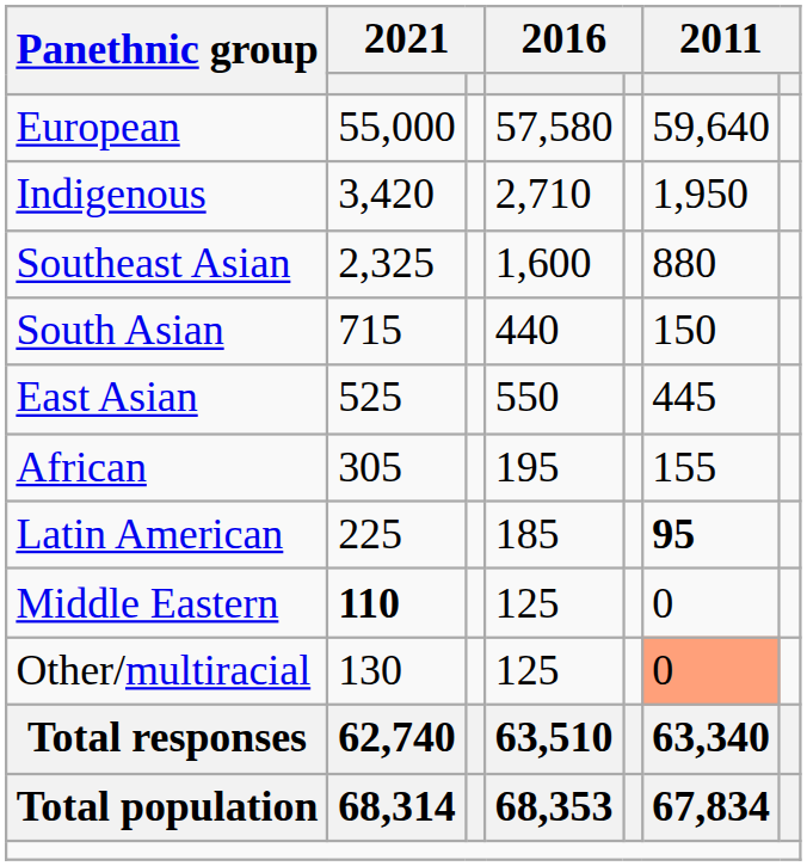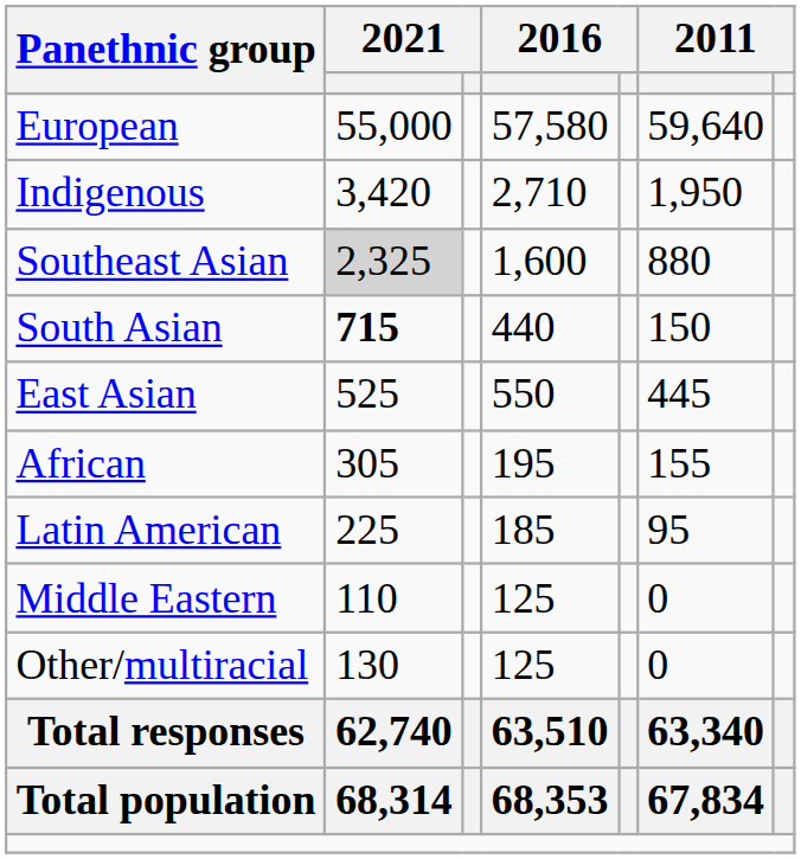 <table class="wikitable collapsible sortable">
 <tr>
 <th rowspan="2"><a href='#'>Panethnic</a> group</th>
 <th colspan="2">2021</th>
 <th colspan="2">2016</th>
 <th colspan="2">2011</th>
 </tr>
 <tr>
 <th><a href='#'></a></th>
 <th></th>
 <th></th>
 <th></th>
 <th></th>
 <th></th>
 </tr>
 <tr>
 <td><a href='#'>European</a></td>
 <td>55,000</td>
 <td></td>
 <td>57,580</td>
 <td></td>
 <td>59,640</td>
 <td></td>
 </tr>
 <tr>
 <td><a href='#'>Indigenous</a></td>
 <td>3,420</td>
 <td></td>
 <td>2,710</td>
 <td></td>
 <td>1,950</td>
 <td></td>
 </tr>
 <tr>
 <td><a href='#'>Southeast Asian</a></td>
-<td>2,325</td>
+<td style="background: lightgrey;">2,325</td>
 <td></td>
 <td>1,600</td>
 <td></td>
 <td>880</td>
 <td></td>
 </tr>
 <tr>
 <td><a href='#'>South Asian</a></td>
-<td>715</td>
+<td><strong>715</strong></td>
 <td></td>
 <td>440</td>
 <td></td>
 <td>150</td>
 <td></td>
 </tr>
 <tr>
 <td><a href='#'>East Asian</a></td>
 <td>525</td>
 <td></td>
 <td>550</td>
 <td></td>
 <td>445</td>
 <td></td>
 </tr>
 <tr>
 <td><a href='#'>African</a></td>
 <td>305</td>
 <td></td>
 <td>195</td>
 <td></td>
 <td>155</td>
 <td></td>
 </tr>
 <tr>
 <td><a href='#'>Latin American</a></td>
 <td>225</td>
 <td></td>
 <td>185</td>
 <td></td>
-<td><strong>95</strong></td>
+<td>95</td>
 <td></td>
 </tr>
 <tr>
 <td><a href='#'>Middle Eastern</a></td>
-<td><strong>110</strong></td>
+<td>110</td>
 <td></td>
 <td>125</td>
 <td></td>
 <td>0</td>
 <td></td>
 </tr>
 <tr>
 <td>Other/<a href='#'>multiracial</a></td>
 <td>130</td>
 <td></td>
 <td>125</td>
 <td></td>
-<td style="background: lightsalmon;">0</td>
+<td>0</td>
 <td></td>
 </tr>
 <tr>
 <th>Total responses</th>
 <th>62,740</th>
 <th></th>
 <th>63,510</th>
 <th></th>
 <th>63,340</th>
 <th></th>
 </tr>
 <tr class="sortbottom">
 <th>Total population</th>
 <th>68,314</th>
 <th></th>
 <th>68,353</th>
 <th></th>
 <th>67,834</th>
 <th></th>
 </tr>
 <tr class="sortbottom">
 <td colspan="15"></td>
 </tr>
 </table>
